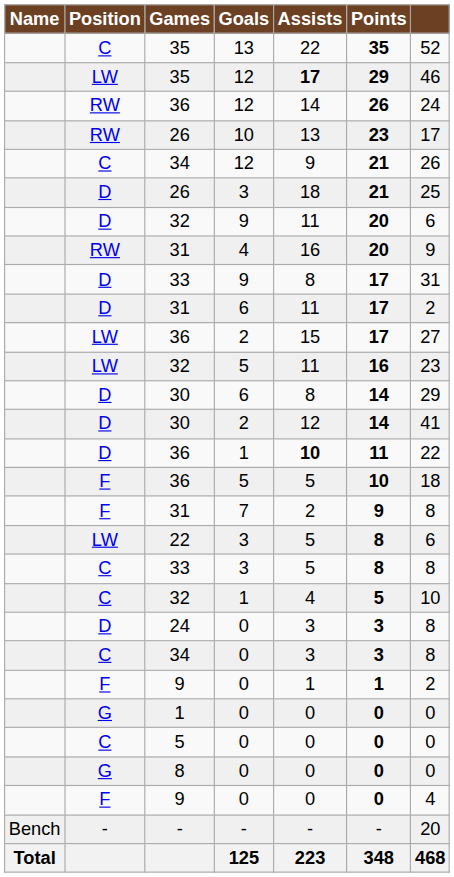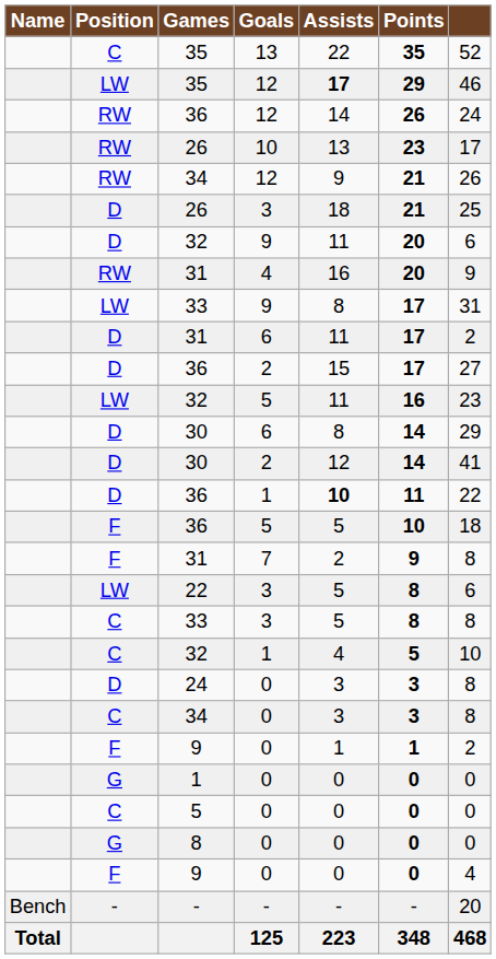 <table class="wikitable sortable">
 <tr align="center">
 <th style="color:white; background:#6C4023; ">Name</th>
 <th style="color:white; background:#6C4023; ">Position</th>
 <th style="color:white; background:#6C4023; ">Games</th>
 <th style="color:white; background:#6C4023; ">Goals</th>
 <th style="color:white; background:#6C4023; ">Assists</th>
 <th style="color:white; background:#6C4023; ">Points</th>
 <th style="color:white; background:#6C4023; "><a href='#'></a></th>
 </tr>
 <tr align="center" bgcolor="">
 <td></td>
 <td><a href='#'>C</a></td>
 <td>35</td>
 <td>13</td>
 <td>22</td>
 <td><strong>35</strong></td>
 <td>52</td>
 </tr>
 <tr align="center" bgcolor="f0f0f0">
 <td></td>
 <td><a href='#'>LW</a></td>
 <td>35</td>
 <td>12</td>
 <td><strong>17</strong></td>
 <td><strong>29</strong></td>
 <td>46</td>
 </tr>
 <tr align="center" bgcolor="">
 <td></td>
 <td><a href='#'>RW</a></td>
 <td>36</td>
 <td>12</td>
 <td>14</td>
 <td><strong>26</strong></td>
 <td>24</td>
 </tr>
 <tr align="center" bgcolor="f0f0f0">
 <td></td>
 <td><a href='#'>RW</a></td>
 <td>26</td>
 <td>10</td>
 <td>13</td>
 <td><strong>23</strong></td>
 <td>17</td>
 </tr>
 <tr align="center" bgcolor="">
 <td></td>
-<td><a href='#'>C</a></td>
+<td><a href='#'>RW</a></td>
 <td>34</td>
 <td>12</td>
 <td>9</td>
 <td><strong>21</strong></td>
 <td>26</td>
 </tr>
 <tr align="center" bgcolor="f0f0f0">
 <td></td>
 <td><a href='#'>D</a></td>
 <td>26</td>
 <td>3</td>
 <td>18</td>
 <td><strong>21</strong></td>
 <td>25</td>
 </tr>
 <tr align="center" bgcolor="">
 <td></td>
 <td><a href='#'>D</a></td>
 <td>32</td>
 <td>9</td>
 <td>11</td>
 <td><strong>20</strong></td>
 <td>6</td>
 </tr>
 <tr align="center" bgcolor="f0f0f0">
 <td></td>
 <td><a href='#'>RW</a></td>
 <td>31</td>
 <td>4</td>
 <td>16</td>
 <td><strong>20</strong></td>
 <td>9</td>
 </tr>
 <tr align="center" bgcolor="">
 <td></td>
-<td><a href='#'>D</a></td>
+<td><a href='#'>LW</a></td>
 <td>33</td>
 <td>9</td>
 <td>8</td>
 <td><strong>17</strong></td>
 <td>31</td>
 </tr>
 <tr align="center" bgcolor="f0f0f0">
 <td></td>
 <td><a href='#'>D</a></td>
 <td>31</td>
 <td>6</td>
 <td>11</td>
 <td><strong>17</strong></td>
 <td>2</td>
 </tr>
 <tr align="center" bgcolor="">
 <td></td>
-<td><a href='#'>LW</a></td>
+<td><a href='#'>D</a></td>
 <td>36</td>
 <td>2</td>
 <td>15</td>
 <td><strong>17</strong></td>
 <td>27</td>
 </tr>
 <tr align="center" bgcolor="f0f0f0">
 <td></td>
 <td><a href='#'>LW</a></td>
 <td>32</td>
 <td>5</td>
 <td>11</td>
 <td><strong>16</strong></td>
 <td>23</td>
 </tr>
 <tr align="center" bgcolor="">
 <td></td>
 <td><a href='#'>D</a></td>
 <td>30</td>
 <td>6</td>
 <td>8</td>
 <td><strong>14</strong></td>
 <td>29</td>
 </tr>
 <tr align="center" bgcolor="f0f0f0">
 <td></td>
 <td><a href='#'>D</a></td>
 <td>30</td>
 <td>2</td>
 <td>12</td>
 <td><strong>14</strong></td>
 <td>41</td>
 </tr>
 <tr align="center" bgcolor="">
 <td></td>
 <td><a href='#'>D</a></td>
 <td>36</td>
 <td>1</td>
 <td><strong>10</strong></td>
 <td><strong>11</strong></td>
 <td>22</td>
 </tr>
 <tr align="center" bgcolor="f0f0f0">
 <td></td>
 <td><a href='#'>F</a></td>
 <td>36</td>
 <td>5</td>
 <td>5</td>
 <td><strong>10</strong></td>
 <td>18</td>
 </tr>
 <tr align="center" bgcolor="">
 <td></td>
 <td><a href='#'>F</a></td>
 <td>31</td>
 <td>7</td>
 <td>2</td>
 <td><strong>9</strong></td>
 <td>8</td>
 </tr>
 <tr align="center" bgcolor="f0f0f0">
 <td></td>
 <td><a href='#'>LW</a></td>
 <td>22</td>
 <td>3</td>
 <td>5</td>
 <td><strong>8</strong></td>
 <td>6</td>
 </tr>
 <tr align="center" bgcolor="">
 <td></td>
 <td><a href='#'>C</a></td>
 <td>33</td>
 <td>3</td>
 <td>5</td>
 <td><strong>8</strong></td>
 <td>8</td>
 </tr>
 <tr align="center" bgcolor="f0f0f0">
 <td></td>
 <td><a href='#'>C</a></td>
 <td>32</td>
 <td>1</td>
 <td>4</td>
 <td><strong>5</strong></td>
 <td>10</td>
 </tr>
 <tr align="center" bgcolor="">
 <td></td>
 <td><a href='#'>D</a></td>
 <td>24</td>
 <td>0</td>
 <td>3</td>
 <td><strong>3</strong></td>
 <td>8</td>
 </tr>
 <tr align="center" bgcolor="f0f0f0">
 <td></td>
 <td><a href='#'>C</a></td>
 <td>34</td>
 <td>0</td>
 <td>3</td>
 <td><strong>3</strong></td>
 <td>8</td>
 </tr>
 <tr align="center" bgcolor="">
 <td></td>
 <td><a href='#'>F</a></td>
 <td>9</td>
 <td>0</td>
 <td>1</td>
 <td><strong>1</strong></td>
 <td>2</td>
 </tr>
 <tr align="center" bgcolor="f0f0f0">
 <td></td>
 <td><a href='#'>G</a></td>
 <td>1</td>
 <td>0</td>
 <td>0</td>
 <td><strong>0</strong></td>
 <td>0</td>
 </tr>
 <tr align="center" bgcolor="">
 <td></td>
 <td><a href='#'>C</a></td>
 <td>5</td>
 <td>0</td>
 <td>0</td>
 <td><strong>0</strong></td>
 <td>0</td>
 </tr>
 <tr align="center" bgcolor="f0f0f0">
 <td></td>
 <td><a href='#'>G</a></td>
 <td>8</td>
 <td>0</td>
 <td>0</td>
 <td><strong>0</strong></td>
 <td>0</td>
 </tr>
 <tr align="center" bgcolor="">
 <td></td>
 <td><a href='#'>F</a></td>
 <td>9</td>
 <td>0</td>
 <td>0</td>
 <td><strong>0</strong></td>
 <td>4</td>
 </tr>
 <tr align="center" bgcolor="f0f0f0">
 <td>Bench</td>
 <td>-</td>
 <td>-</td>
 <td>-</td>
 <td>-</td>
 <td>-</td>
 <td>20</td>
 </tr>
 <tr>
 <th>Total</th>
 <th></th>
 <th></th>
 <th>125</th>
 <th>223</th>
 <th>348</th>
 <th>468</th>
 </tr>
 </table>
